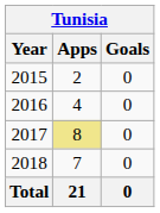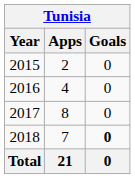 <table class="wikitable" style="text-align:center">
 <tr>
 <th colspan="3"><a href='#'>Tunisia</a></th>
 </tr>
 <tr>
 <th>Year</th>
 <th>Apps</th>
 <th>Goals</th>
 </tr>
 <tr>
 <td>2015</td>
 <td>2</td>
 <td>0</td>
 </tr>
 <tr>
 <td>2016</td>
 <td>4</td>
 <td>0</td>
 </tr>
 <tr>
 <td>2017</td>
-<td style="background: khaki;">8</td>
+<td>8</td>
 <td>0</td>
 </tr>
 <tr>
 <td>2018</td>
 <td>7</td>
-<td>0</td>
+<td><strong>0</strong></td>
 </tr>
 <tr>
 <th>Total</th>
 <th>21</th>
 <th>0</th>
 </tr>
 </table>
